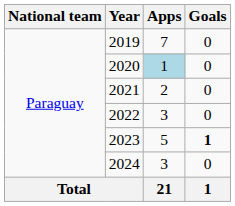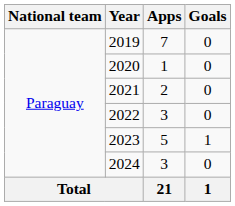 <table class="wikitable" style="text-align:center">
 <tr>
 <th>National team</th>
 <th>Year</th>
 <th>Apps</th>
 <th>Goals</th>
 </tr>
 <tr>
 <td rowspan="6"><a href='#'>Paraguay</a></td>
 <td>2019</td>
 <td>7</td>
 <td>0</td>
 </tr>
 <tr>
 <td>2020</td>
-<td style="background: lightblue;">1</td>
+<td>1</td>
 <td>0</td>
 </tr>
 <tr>
 <td>2021</td>
 <td>2</td>
 <td>0</td>
 </tr>
 <tr>
 <td>2022</td>
 <td>3</td>
 <td>0</td>
 </tr>
 <tr>
 <td>2023</td>
 <td>5</td>
-<td><strong>1</strong></td>
+<td>1</td>
 </tr>
 <tr>
 <td>2024</td>
 <td>3</td>
 <td>0</td>
 </tr>
 <tr>
 <th colspan=2>Total</th>
 <th>21</th>
 <th>1</th>
 </tr>
 </table>
